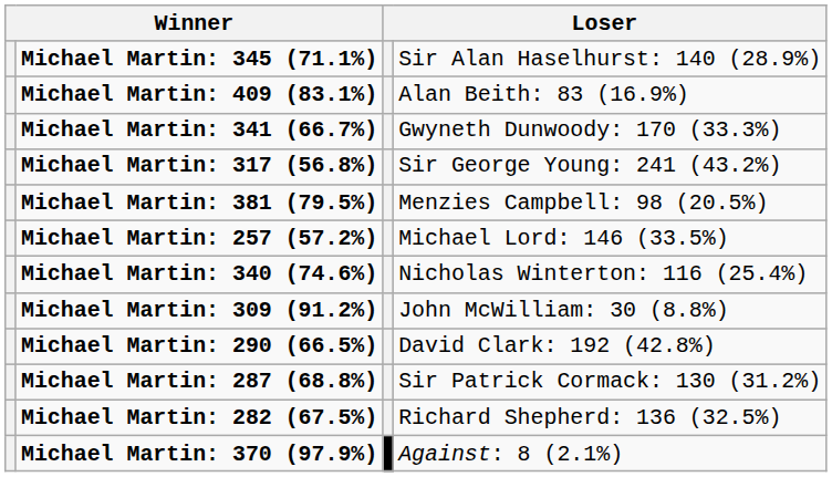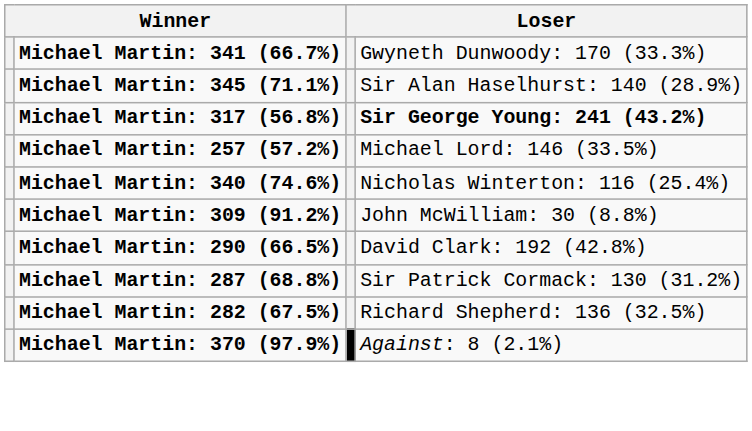 <table class="wikitable">
 <tr>
 <th colspan=2>Winner</th>
 <th colspan=2>Loser</th>
+</tr>
+<tr>
+<th style="background-color: "></th>
+<td><strong>Michael Martin: 341 (66.7%)</strong></td>
+<th style="background-color: "></th>
+<td>Gwyneth Dunwoody: 170 (33.3%)</td>
 </tr>
 <tr>
 <th style="background-color: "></th>
 <td><strong>Michael Martin: 345 (71.1%)</strong></td>
 <th style="background-color: "></th>
 <td>Sir Alan Haselhurst: 140 (28.9%)</td>
 </tr>
 <tr>
 <th style="background-color: "></th>
-<td><strong>Michael Martin: 409 (83.1%)</strong></td>
-<th style="background-color: "></th>
-<td>Alan Beith: 83 (16.9%)</td>
-</tr>
-<tr>
-<th style="background-color: "></th>
-<td><strong>Michael Martin: 341 (66.7%)</strong></td>
-<th style="background-color: "></th>
-<td>Gwyneth Dunwoody: 170 (33.3%)</td>
-</tr>
-<tr>
-<th style="background-color: "></th>
 <td><strong>Michael Martin: 317 (56.8%)</strong></td>
 <th style="background-color: "></th>
-<td>Sir George Young: 241 (43.2%)</td>
-</tr>
-<tr>
-<th style="background-color: "></th>
-<td><strong>Michael Martin: 381 (79.5%)</strong></td>
-<th style="background-color: "></th>
-<td>Menzies Campbell: 98 (20.5%)</td>
+<td><strong>Sir George Young: 241 (43.2%)</strong></td>
 </tr>
 <tr>
 <th style="background-color: "></th>
 <td><strong>Michael Martin: 257 (57.2%)</strong></td>
 <th style="background-color: "></th>
 <td>Michael Lord: 146 (33.5%)</td>
 </tr>
 <tr>
 <th style="background-color: "></th>
 <td><strong>Michael Martin: 340 (74.6%)</strong></td>
 <th style="background-color: "></th>
 <td>Nicholas Winterton: 116 (25.4%)</td>
 </tr>
 <tr>
 <th style="background-color: "></th>
 <td><strong>Michael Martin: 309 (91.2%)</strong></td>
 <th style="background-color: "></th>
 <td>John McWilliam: 30 (8.8%)</td>
 </tr>
 <tr>
 <th style="background-color: "></th>
 <td><strong>Michael Martin: 290 (66.5%)</strong></td>
 <th style="background-color: "></th>
 <td>David Clark: 192 (42.8%)</td>
 </tr>
 <tr>
 <th style="background-color: "></th>
 <td><strong>Michael Martin: 287 (68.8%)</strong></td>
 <th style="background-color: "></th>
 <td>Sir Patrick Cormack: 130 (31.2%)</td>
 </tr>
 <tr>
 <th style="background-color: "></th>
 <td><strong>Michael Martin: 282 (67.5%)</strong></td>
 <th style="background-color: "></th>
 <td>Richard Shepherd: 136 (32.5%)</td>
 </tr>
 <tr>
 <th style="background-color: "></th>
 <td><strong>Michael Martin: 370 (97.9%)</strong></td>
 <th style="background-color: black"></th>
 <td><em>Against</em>: 8 (2.1%)</td>
 </tr>
 </table>
